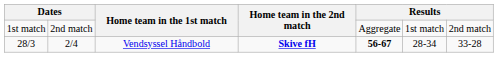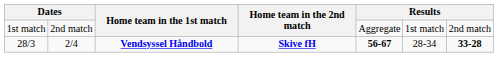 <table class="wikitable" style="text-align:center; margin-left:1em;">
 <tr>
 <th colspan="2">Dates</th>
 <th rowspan="2" style="width:220px;">Home team in the 1st match</th>
 <th rowspan="2" style="width:180px;">Home team in the 2nd match</th>
 <th colspan="3">Results</th>
 </tr>
 <tr>
 <td>1st match</td>
 <td>2nd match</td>
 <td>Aggregate</td>
 <td>1st match</td>
 <td>2nd match</td>
 </tr>
 <tr>
 <td>28/3</td>
 <td>2/4</td>
-<td><a href='#'>Vendsyssel Håndbold</a></td>
+<td><strong><a href='#'>Vendsyssel Håndbold</a></strong></td>
 <td><strong><a href='#'>Skive fH</a></strong></td>
 <td><strong>56-67</strong></td>
 <td>28-34</td>
-<td>33-28</td>
+<td><strong>33-28</strong></td>
 </tr>
 </table>
